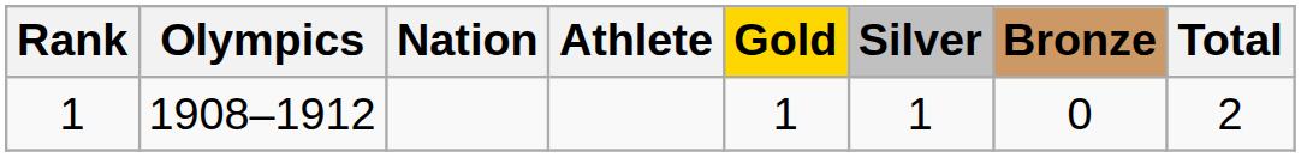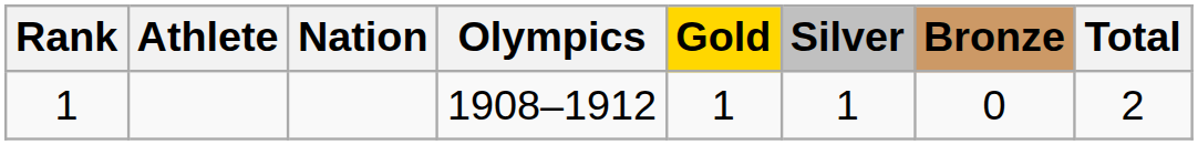 <table class="wikitable sortable" style="text-align:center">
 <tr>
 <th>Rank</th>
+<th>Athlete</th>
+<th>Nation</th>
 <th>Olympics</th>
-<th>Nation</th>
-<th>Athlete</th>
 <th style="background-color:gold">Gold</th>
 <th style="background-color:silver">Silver</th>
 <th style="background-color:#cc9966">Bronze</th>
 <th>Total</th>
 </tr>
 <tr>
 <td>1</td>
+<td></td>
+<td align=left></td>
 <td>1908–1912</td>
-<td align=left></td>
-<td></td>
 <td>1</td>
 <td>1</td>
 <td>0</td>
 <td>2</td>
 </tr>
 </table>
